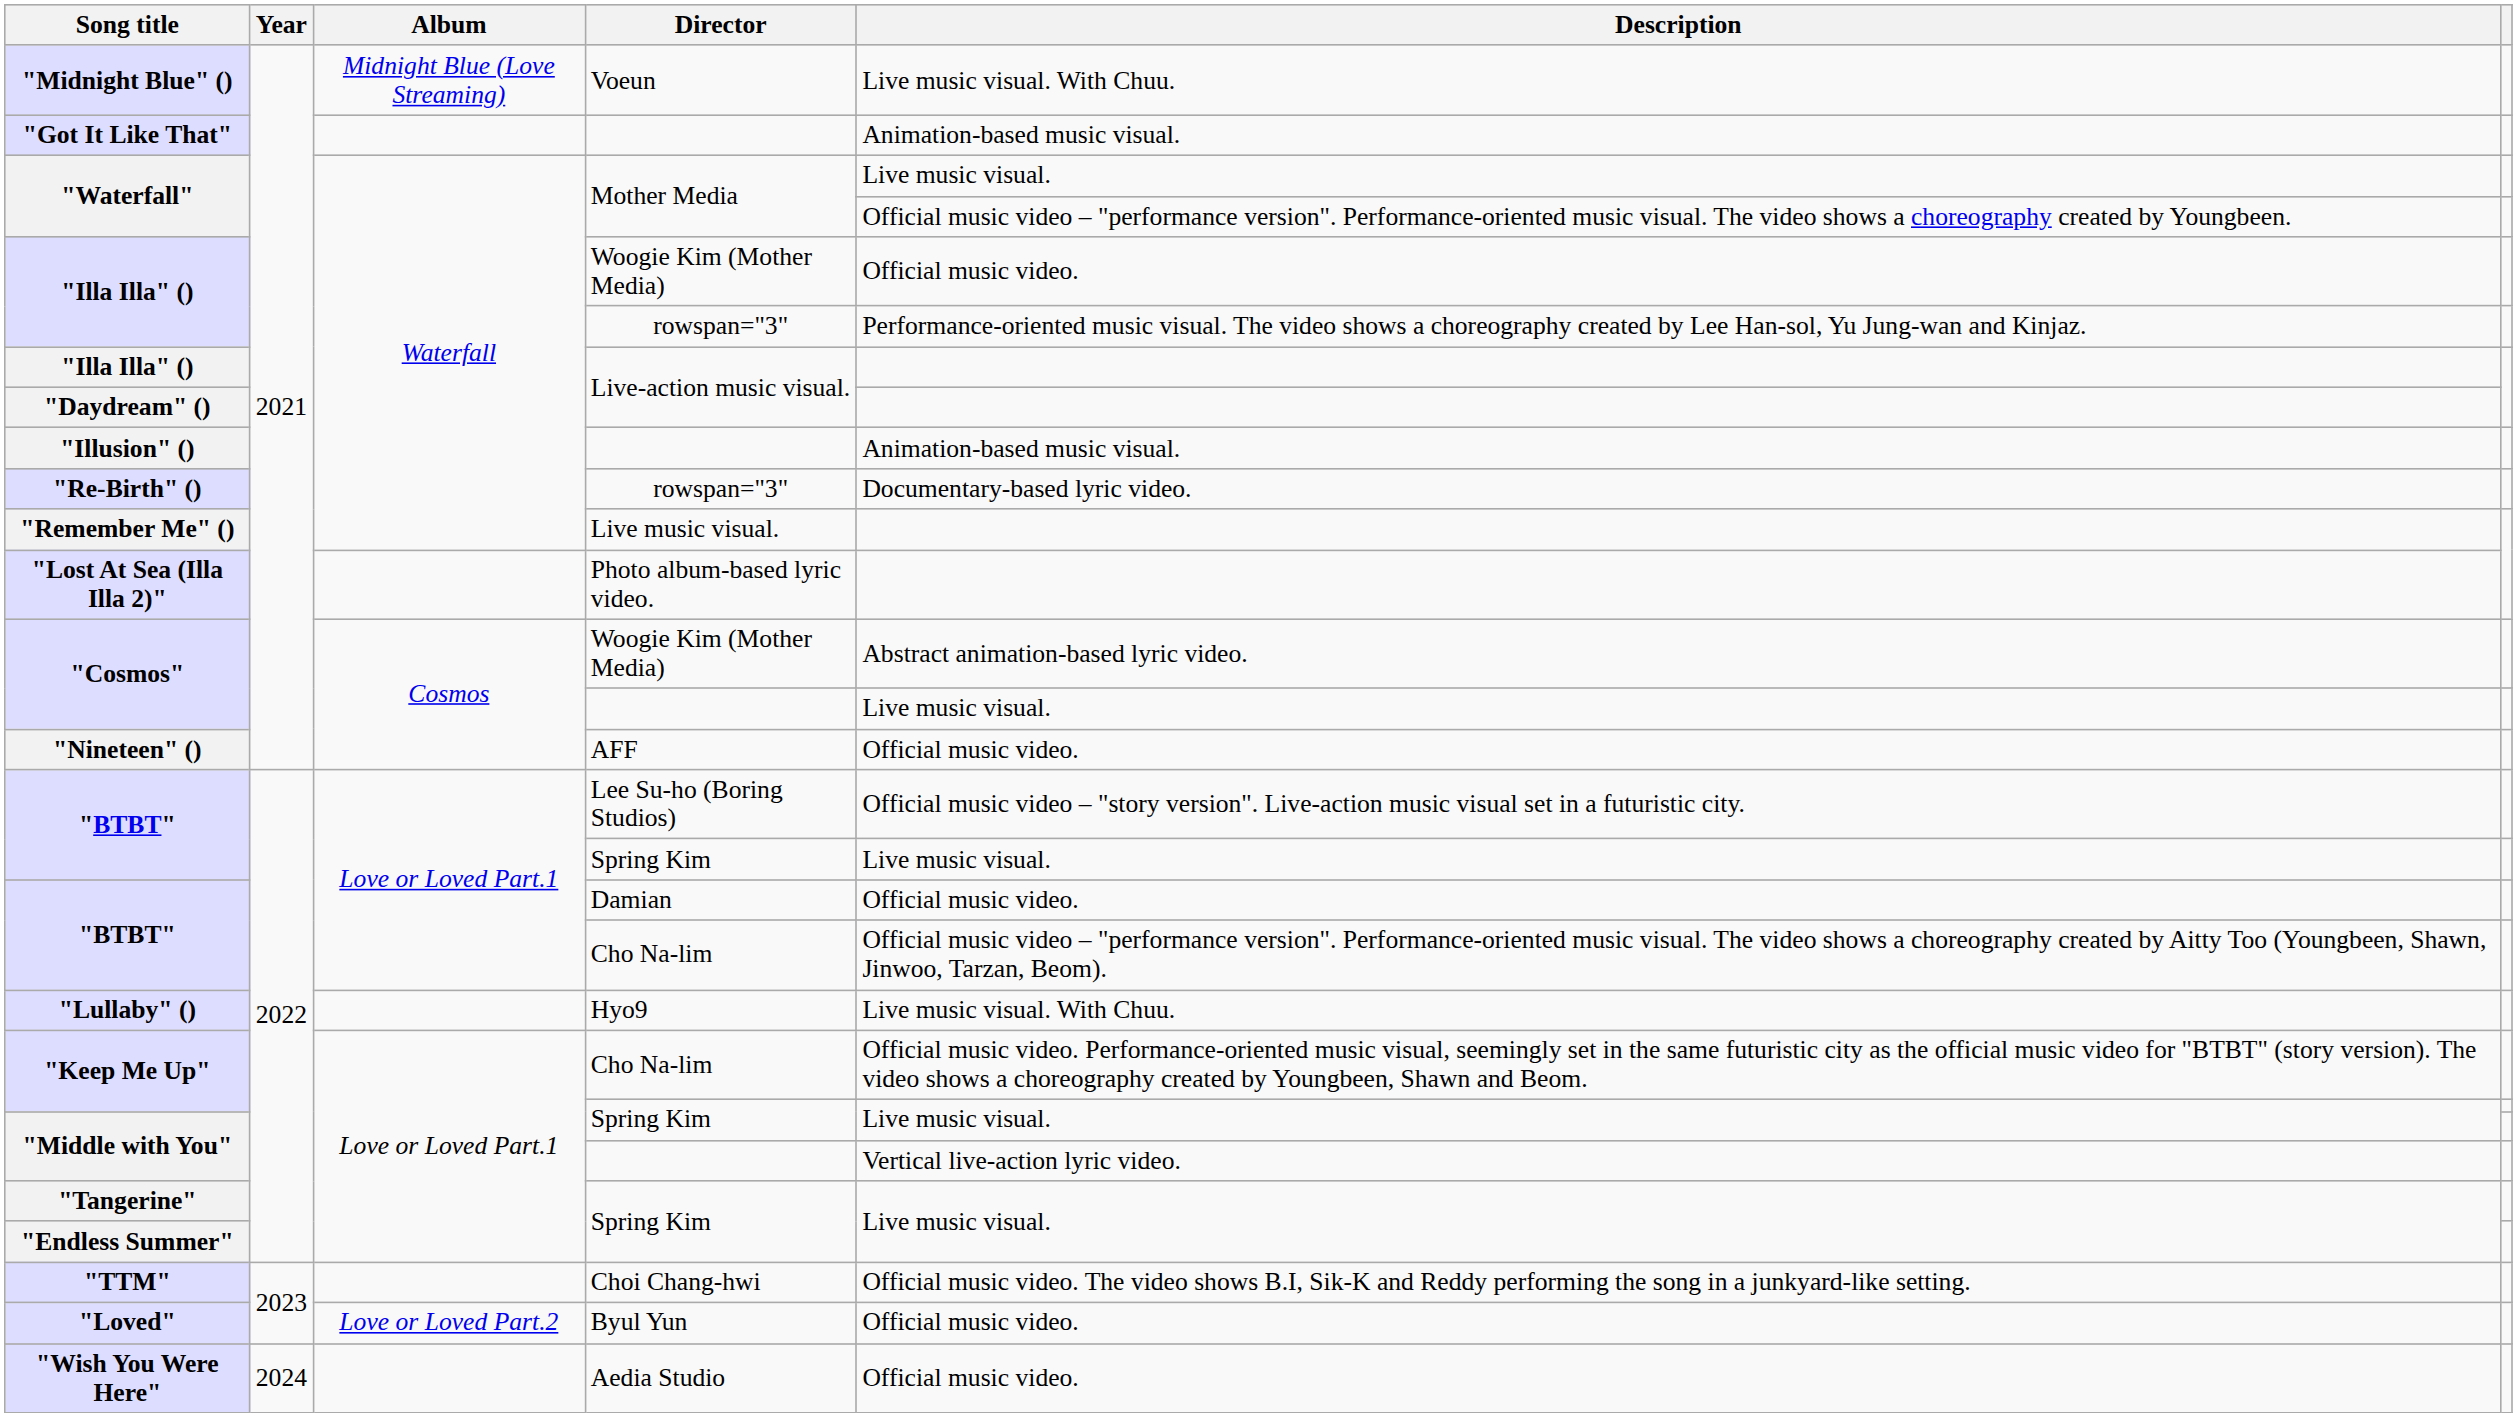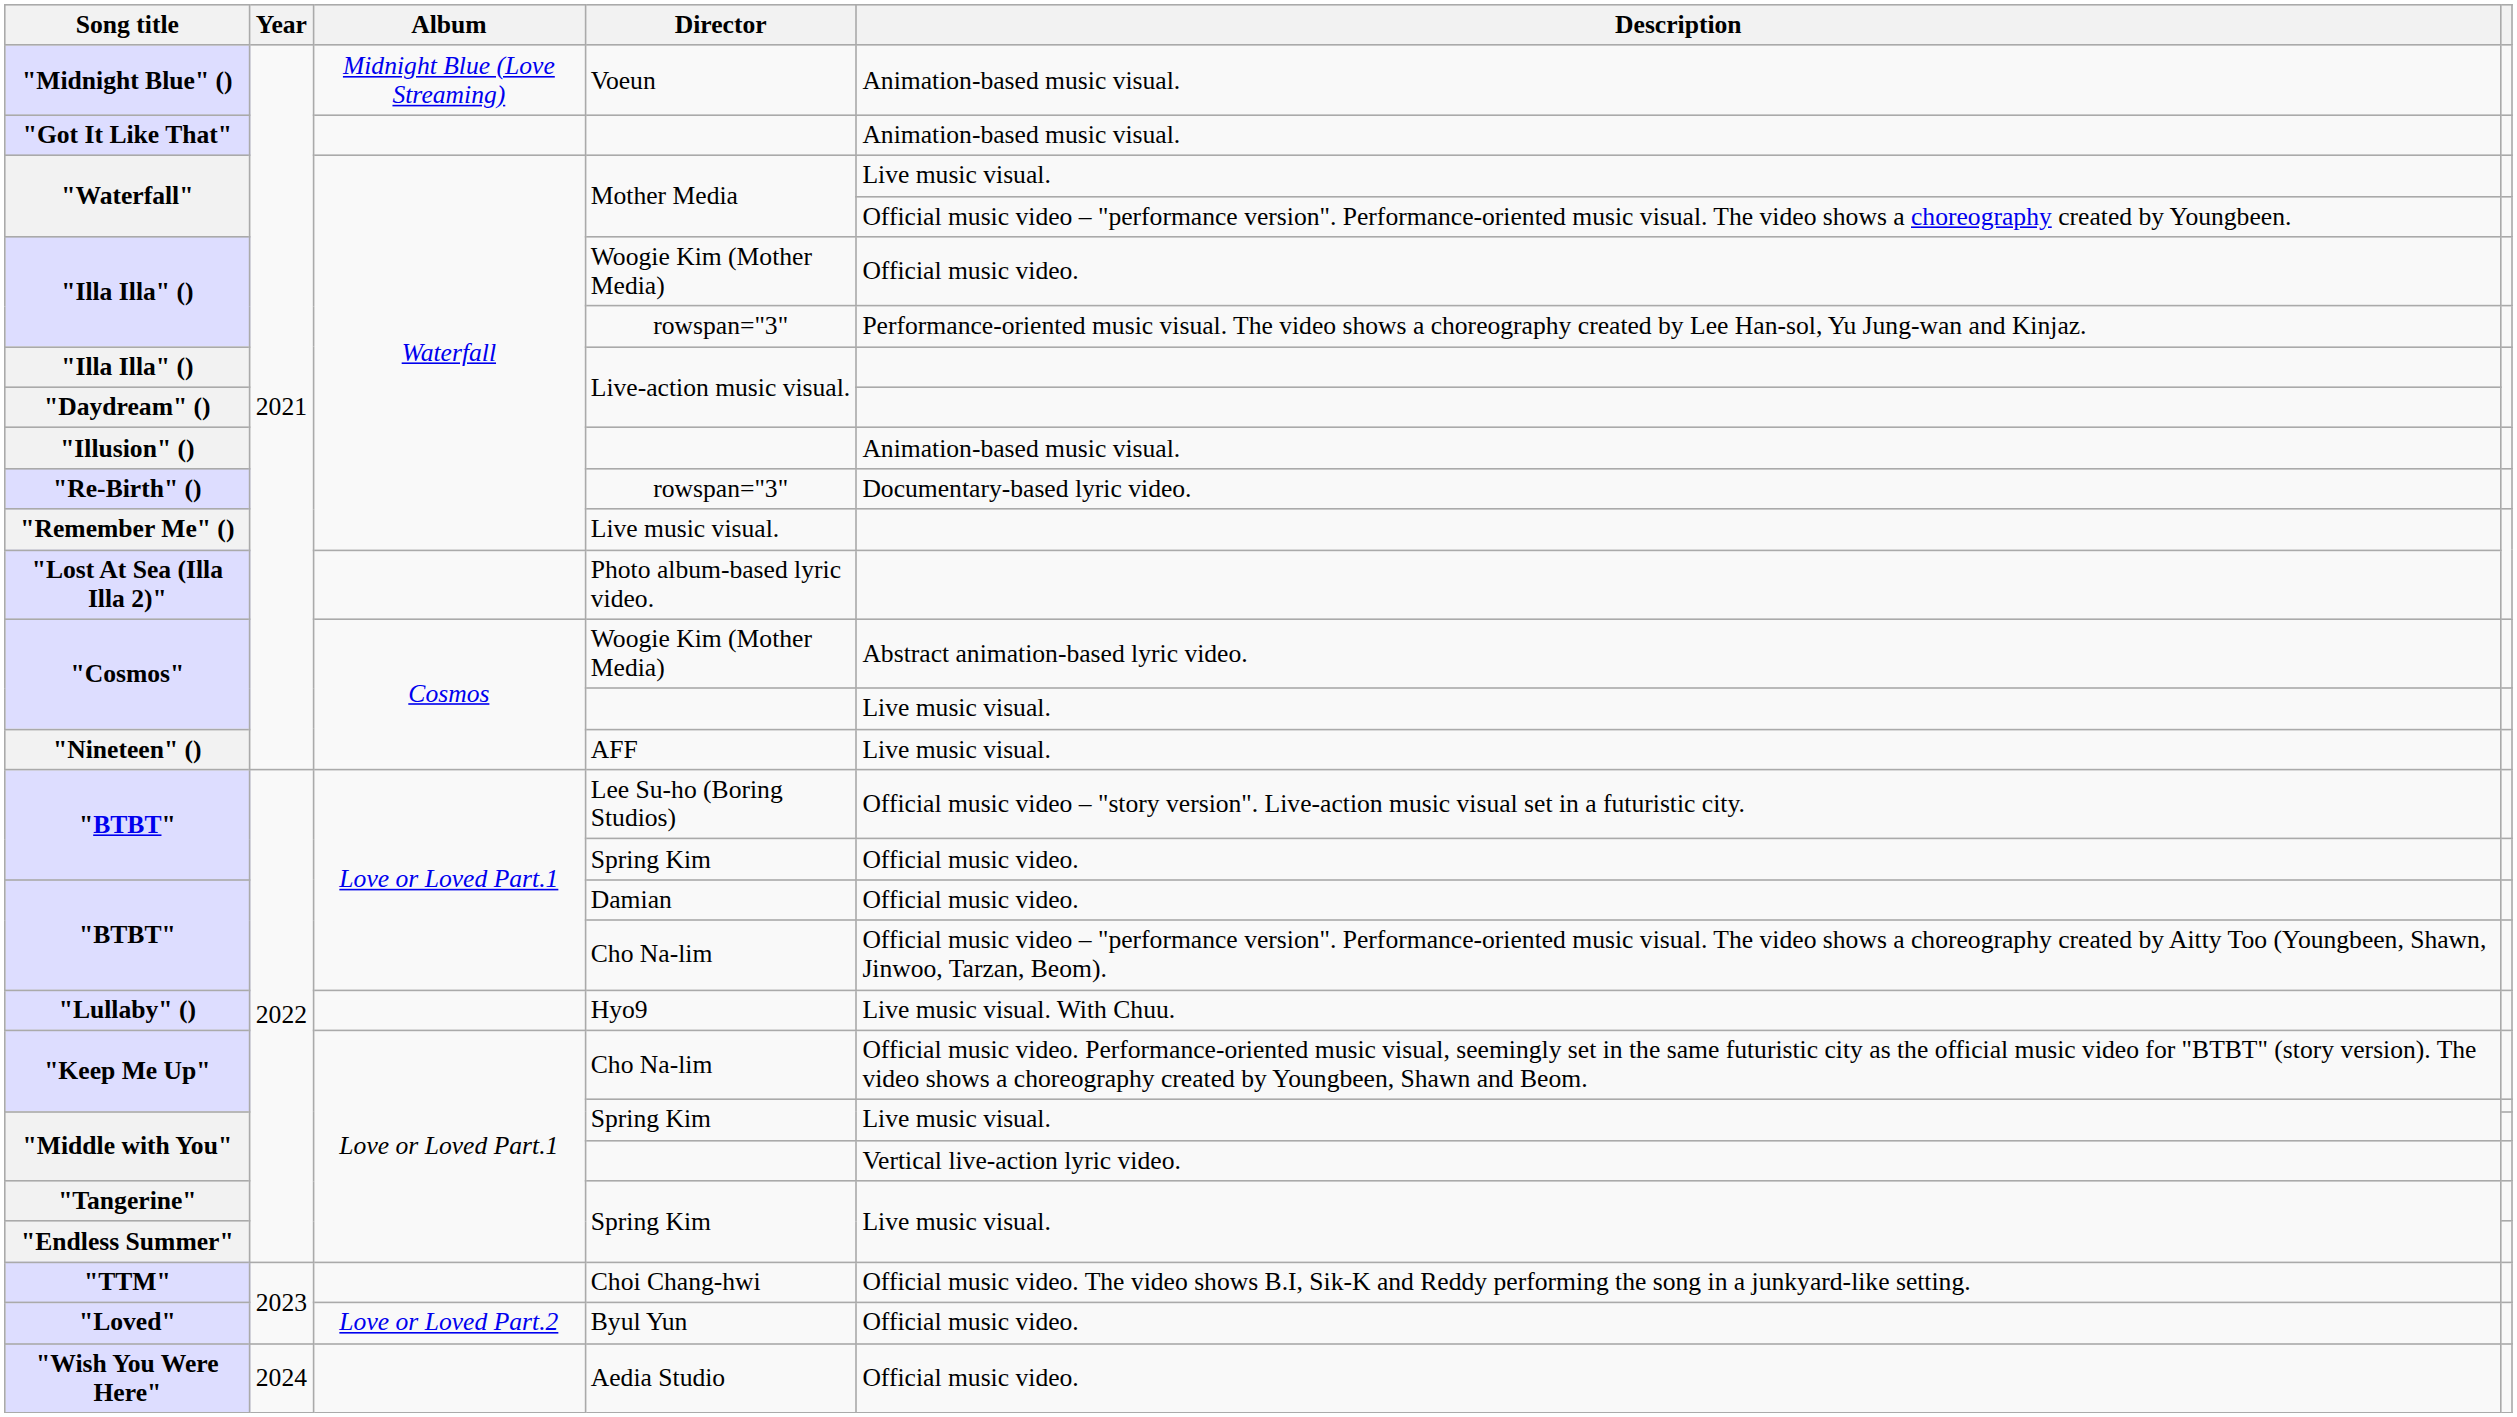 <table class="wikitable plainrowheaders sortable" style="text-align:center">
 <tr>
 <th scope="col">Song title</th>
 <th scope="col">Year</th>
 <th scope="col">Album</th>
 <th scope="col">Director</th>
 <th scope="col" class="unsortable">Description</th>
 <th scope="col" class="unsortable"></th>
 </tr>
 <tr>
 <th scope="row" style="background-color:#DDF">"Midnight Blue" ()</th>
 <td rowspan="15">2021</td>
 <td><em><a href='#'>Midnight Blue (Love Streaming)</a></em></td>
 <td style="text-align:left">Voeun</td>
-<td style="text-align:left">Live music visual. With Chuu.</td>
+<td style="text-align:left">Animation-based music visual.</td>
 <td></td>
 </tr>
 <tr>
 <th scope="row" style="background-color:#DDF">"Got It Like That"<br></th>
 <td></td>
 <td></td>
 <td style="text-align:left">Animation-based music visual.</td>
 <td></td>
 </tr>
 <tr>
 <th scope="row" rowspan="2">"Waterfall"</th>
 <td rowspan="9"><em><a href='#'>Waterfall</a></em></td>
 <td rowspan="2" style="text-align:left">Mother Media</td>
 <td style="text-align:left">Live music visual.</td>
 <td></td>
 </tr>
 <tr>
 <td style="text-align:left">Official music video – "performance version". Performance-oriented music visual. The video shows a <a href='#'>choreography</a> created by Youngbeen.</td>
 <td></td>
 </tr>
 <tr>
 <th scope="row" rowspan="2" style="background-color:#DDF">"Illa Illa" ()</th>
 <td style="text-align:left">Woogie Kim (Mother Media)</td>
 <td style="text-align:left">Official music video.</td>
 <td></td>
 </tr>
 <tr>
 <td>rowspan="3" </td>
 <td style="text-align:left">Performance-oriented music visual. The video shows a choreography created by Lee Han-sol, Yu Jung-wan and Kinjaz.</td>
 <td></td>
 </tr>
 <tr>
 <th scope="row">"Illa Illa" ()<br></th>
 <td style="text-align:left" rowspan="2">Live-action music visual.</td>
 <td></td>
 </tr>
 <tr>
 <th scope="row">"Daydream" ()<br></th>
 <td></td>
 </tr>
 <tr>
 <th scope="row">"Illusion" ()</th>
 <td></td>
 <td style="text-align:left">Animation-based music visual.</td>
 <td></td>
 </tr>
 <tr>
 <th scope="row" style="background-color:#DDF">"Re-Birth" ()</th>
 <td>rowspan="3" </td>
 <td style="text-align:left">Documentary-based lyric video.</td>
 <td></td>
 </tr>
 <tr>
 <th scope="row">"Remember Me" ()</th>
 <td style="text-align:left">Live music visual.</td>
 <td></td>
 </tr>
 <tr>
 <th scope="row" style="background-color:#DDF">"Lost At Sea (Illa Illa 2)"<br></th>
 <td></td>
 <td style="text-align:left">Photo album-based lyric video.</td>
 <td></td>
 </tr>
 <tr>
 <th scope="row" rowspan="2" style="background-color:#DDF">"Cosmos"</th>
 <td rowspan="3"><em><a href='#'>Cosmos</a></em></td>
 <td style="text-align:left">Woogie Kim (Mother Media)</td>
 <td style="text-align:left">Abstract animation-based lyric video.</td>
 <td></td>
 </tr>
 <tr>
 <td></td>
 <td style="text-align:left">Live music visual.</td>
 <td></td>
 </tr>
 <tr>
 <th scope="row">"Nineteen" ()</th>
 <td style="text-align:left">AFF</td>
-<td style="text-align:left">Official music video.</td>
+<td style="text-align:left">Live music visual.</td>
 <td></td>
 </tr>
 <tr>
 <th scope="row" rowspan="2" style="background-color:#DDF">"<a href='#'>BTBT</a>"<br></th>
 <td rowspan="11">2022</td>
 <td rowspan="4"><em><a href='#'>Love or Loved Part.1</a></em></td>
 <td style="text-align:left">Lee Su-ho (Boring Studios)</td>
 <td style="text-align:left">Official music video – "story version". Live-action music visual set in a futuristic city.</td>
 <td></td>
 </tr>
 <tr>
 <td style="text-align:left">Spring Kim</td>
-<td style="text-align:left">Live music visual.</td>
+<td style="text-align:left">Official music video.</td>
 <td></td>
 </tr>
 <tr>
 <th scope="row" rowspan="2" style="background-color:#DDF">"BTBT"<br></th>
 <td style="text-align:left">Damian</td>
 <td style="text-align:left">Official music video.</td>
 <td></td>
 </tr>
 <tr>
 <td style="text-align:left">Cho Na-lim</td>
 <td style="text-align:left">Official music video – "performance version". Performance-oriented music visual. The video shows a choreography created by Aitty Too (Youngbeen, Shawn, Jinwoo, Tarzan, Beom).</td>
 <td></td>
 </tr>
 <tr>
 <th scope="row" style="background-color:#DDF">"Lullaby" ()<br></th>
 <td></td>
 <td style="text-align:left">Hyo9</td>
 <td style="text-align:left">Live music visual. With Chuu.</td>
 <td></td>
 </tr>
 <tr>
 <th scope="row" rowspan="2" style="background-color:#DDF">"Keep Me Up"</th>
 <td rowspan="6"><em>Love or Loved Part.1</em></td>
 <td style="text-align:left">Cho Na-lim</td>
 <td style="text-align:left">Official music video. Performance-oriented music visual, seemingly set in the same futuristic city as the official music video for "BTBT" (story version). The video shows a choreography created by Youngbeen, Shawn and Beom.</td>
 <td></td>
 </tr>
 <tr>
 <td rowspan="2" style="text-align:left">Spring Kim</td>
 <td rowspan="2" style="text-align:left">Live music visual.</td>
 <td></td>
 </tr>
 <tr>
 <th scope="row" rowspan="2">"Middle with You"</th>
 <td></td>
 </tr>
 <tr>
 <td></td>
 <td style="text-align:left">Vertical live-action lyric video.</td>
 <td></td>
 </tr>
 <tr>
 <th scope="row">"Tangerine"</th>
 <td rowspan="2" style="text-align:left">Spring Kim</td>
 <td rowspan="2" style="text-align:left">Live music visual.</td>
 <td></td>
 </tr>
 <tr>
 <th scope="row">"Endless Summer"</th>
 <td></td>
 </tr>
 <tr>
 <th scope="row" style="background-color:#DDF">"TTM"<br></th>
 <td rowspan="2">2023</td>
 <td></td>
 <td style="text-align:left">Choi Chang-hwi</td>
 <td style="text-align:left">Official music video. The video shows B.I, Sik-K and Reddy performing the song in a junkyard-like setting.</td>
 <td></td>
 </tr>
 <tr>
 <th scope="row" style="background-color:#DDF">"Loved"</th>
 <td><em><a href='#'>Love or Loved Part.2</a></em></td>
 <td style="text-align:left">Byul Yun</td>
 <td style="text-align:left">Official music video.</td>
 <td></td>
 </tr>
 <tr>
 <th scope="row" style="background-color:#DDF">"Wish You Were Here"</th>
 <td>2024</td>
 <td></td>
 <td style="text-align:left">Aedia Studio</td>
 <td style="text-align:left">Official music video.</td>
 <td></td>
 </tr>
 </table>
